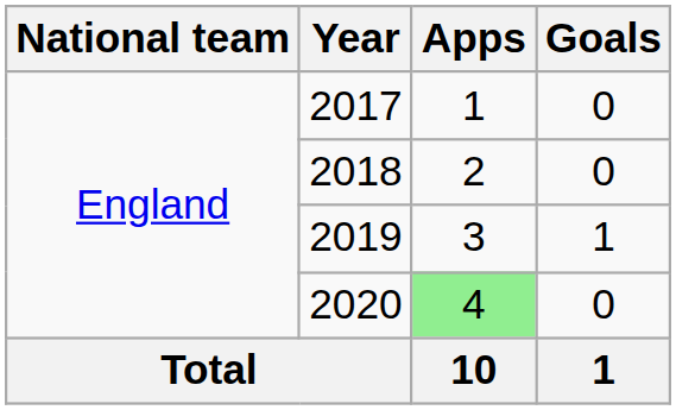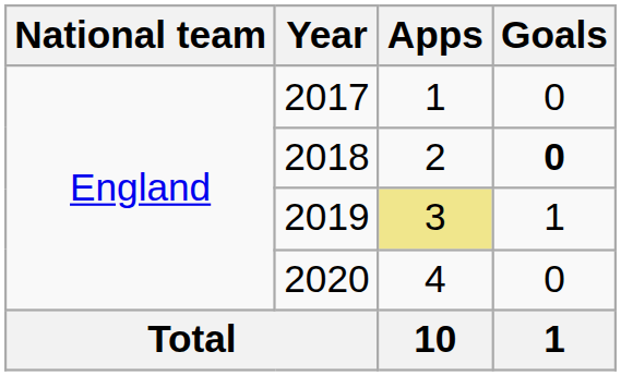 <table class="wikitable" style="text-align: center;">
 <tr>
 <th>National team</th>
 <th>Year</th>
 <th>Apps</th>
 <th>Goals</th>
 </tr>
 <tr>
 <td rowspan=4><a href='#'>England</a></td>
 <td>2017</td>
 <td>1</td>
 <td>0</td>
 </tr>
 <tr>
 <td>2018</td>
 <td>2</td>
-<td>0</td>
+<td><strong>0</strong></td>
 </tr>
 <tr>
 <td>2019</td>
-<td>3</td>
+<td style="background: khaki;">3</td>
 <td>1</td>
 </tr>
 <tr>
 <td>2020</td>
-<td style="background: lightgreen;">4</td>
+<td>4</td>
 <td>0</td>
 </tr>
 <tr>
 <th colspan=2>Total</th>
 <th>10</th>
 <th>1</th>
 </tr>
 </table>
